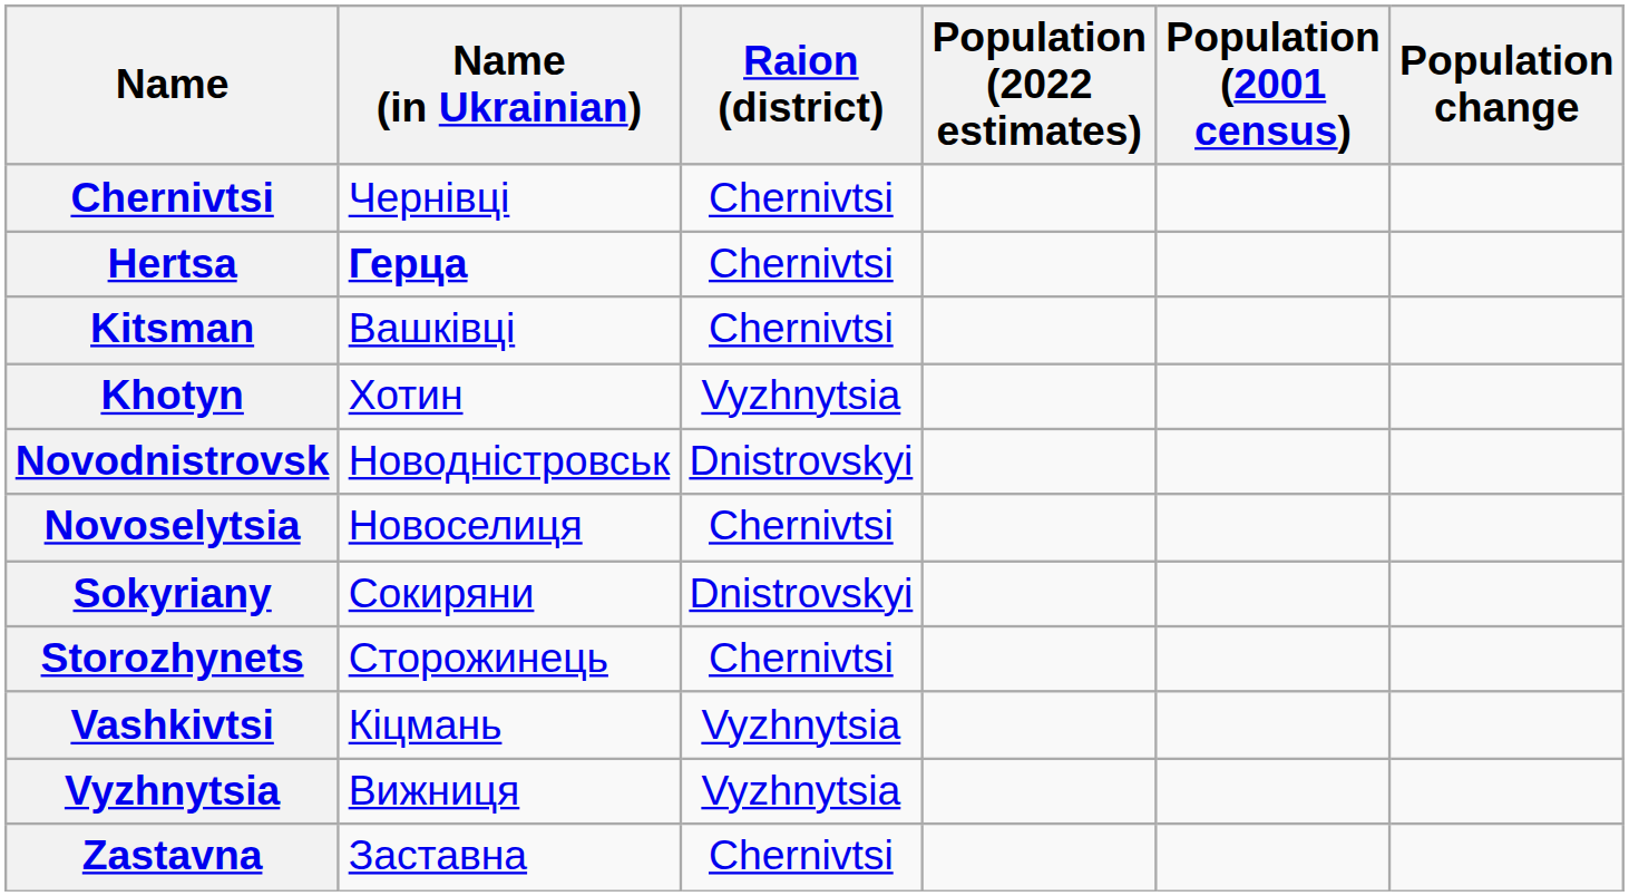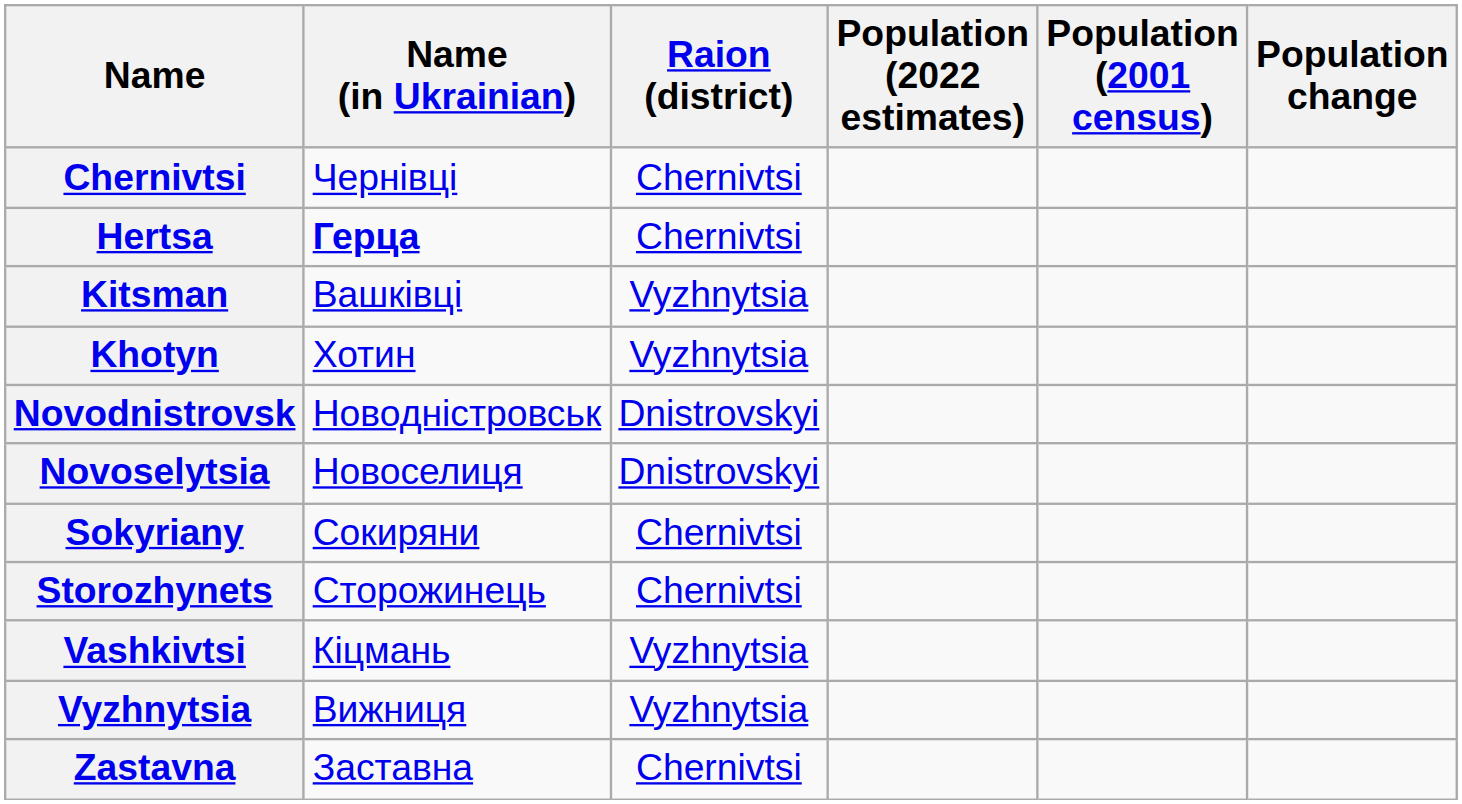 <table class="wikitable sortable" id="Table of cities" caption="Tabulated list of cities in ">
 <tr>
 <th scope="col">Name</th>
 <th scope="col">Name<br>(in <a href='#'>Ukrainian</a>)</th>
 <th scope="col"><a href='#'>Raion</a> (district)</th>
 <th scope="col">Population<br>(2022 estimates)</th>
 <th scope="col">Population<br>(<a href='#'>2001 census</a>)</th>
 <th scope="col">Population<br>change</th>
 </tr>
 <tr>
 <th scope="row" align="left"><a href='#'>Chernivtsi</a></th>
 <td><a href='#'>Чернівці</a></td>
 <td align=center><a href='#'>Chernivtsi</a></td>
 <td align=right></td>
 <td align=right></td>
 <td align=right></td>
 </tr>
 <tr>
 <th scope="row" align="left"><a href='#'>Hertsa</a></th>
 <td><strong><a href='#'>Герца</a></strong></td>
 <td align=center><a href='#'>Chernivtsi</a></td>
 <td align=right></td>
 <td align=right></td>
 <td align=right></td>
 </tr>
 <tr>
 <th scope="row" align="left"><a href='#'>Kitsman</a></th>
 <td><a href='#'>Вашківці</a></td>
-<td align=center><a href='#'>Chernivtsi</a></td>
+<td align=center><a href='#'>Vyzhnytsia</a></td>
 <td align=right></td>
 <td align=right></td>
 <td align=right></td>
 </tr>
 <tr>
 <th scope="row" align="left"><a href='#'>Khotyn</a></th>
 <td><a href='#'>Хотин</a></td>
 <td align=center><a href='#'>Vyzhnytsia</a></td>
 <td align=right></td>
 <td align=right></td>
 <td align=right></td>
 </tr>
 <tr>
 <th scope="row" align="left"><a href='#'>Novodnistrovsk</a></th>
 <td><a href='#'>Новодністровськ</a></td>
 <td align=center><a href='#'>Dnistrovskyi</a></td>
 <td align=right></td>
 <td align=right></td>
 <td align=right></td>
 </tr>
 <tr>
 <th scope="row" align="left"><a href='#'>Novoselytsia</a></th>
 <td><a href='#'>Новоселиця</a></td>
-<td align=center><a href='#'>Chernivtsi</a></td>
+<td align=center><a href='#'>Dnistrovskyi</a></td>
 <td align=right></td>
 <td align=right></td>
 <td align=right></td>
 </tr>
 <tr>
 <th scope="row" align="left"><a href='#'>Sokyriany</a></th>
 <td><a href='#'>Сокиряни</a></td>
-<td align=center><a href='#'>Dnistrovskyi</a></td>
+<td align=center><a href='#'>Chernivtsi</a></td>
 <td align=right></td>
 <td align=right></td>
 <td align=right></td>
 </tr>
 <tr>
 <th scope="row" align="left"><a href='#'>Storozhynets</a></th>
 <td><a href='#'>Сторожинець</a></td>
 <td align=center><a href='#'>Chernivtsi</a></td>
 <td align=right></td>
 <td align=right></td>
 <td align=right></td>
 </tr>
 <tr>
 <th scope="row" align="left"><a href='#'>Vashkivtsi</a></th>
 <td><a href='#'>Кіцмань</a></td>
 <td align=center><a href='#'>Vyzhnytsia</a></td>
 <td align=right></td>
 <td align=right></td>
 <td align=right></td>
 </tr>
 <tr>
 <th scope="row" align="left"><a href='#'>Vyzhnytsia</a></th>
 <td><a href='#'>Вижниця</a></td>
 <td align=center><a href='#'>Vyzhnytsia</a></td>
 <td align=right></td>
 <td align=right></td>
 <td align=right></td>
 </tr>
 <tr>
 <th scope="row" align="left"><a href='#'>Zastavna</a></th>
 <td><a href='#'>Заставна</a></td>
 <td align=center><a href='#'>Chernivtsi</a></td>
 <td align=right></td>
 <td align=right></td>
 <td align=right></td>
 </tr>
 </table>
